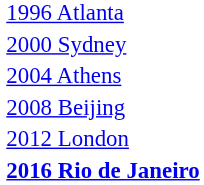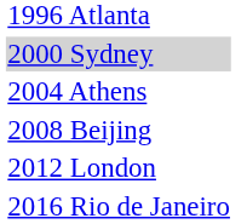 <table>
 <tr>
 <td><a href='#'>1996 Atlanta</a><br></td>
 <td></td>
 <td></td>
 <td></td>
 </tr>
 <tr>
-<td><a href='#'>2000 Sydney</a><br></td>
+<td style="background: lightgrey;"><a href='#'>2000 Sydney</a><br></td>
 <td></td>
 <td></td>
 <td></td>
 </tr>
 <tr>
 <td><a href='#'>2004 Athens</a><br></td>
 <td></td>
 <td></td>
 <td></td>
 </tr>
 <tr>
 <td><a href='#'>2008 Beijing</a><br></td>
 <td></td>
 <td></td>
 <td></td>
 </tr>
 <tr>
 <td><a href='#'>2012 London</a><br></td>
 <td></td>
 <td></td>
 <td></td>
 </tr>
 <tr valign="top">
-<td><strong><a href='#'>2016 Rio de Janeiro</a><br></strong></td>
+<td><a href='#'>2016 Rio de Janeiro</a><br></td>
 <td></td>
 <td></td>
 <td></td>
 </tr>
 </table>
